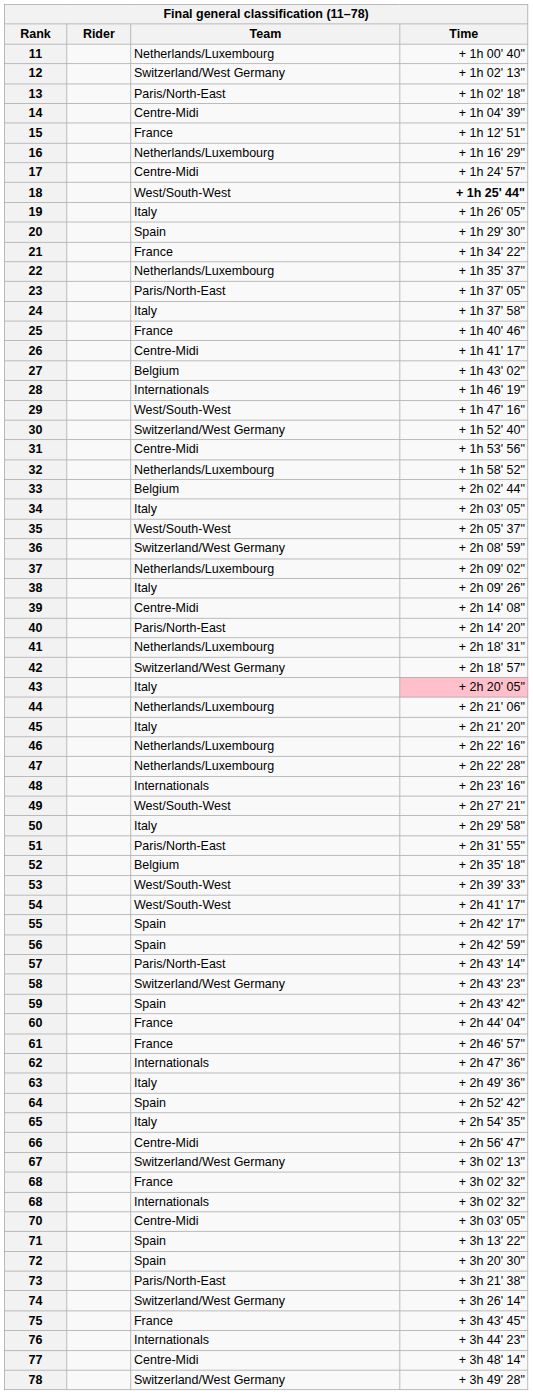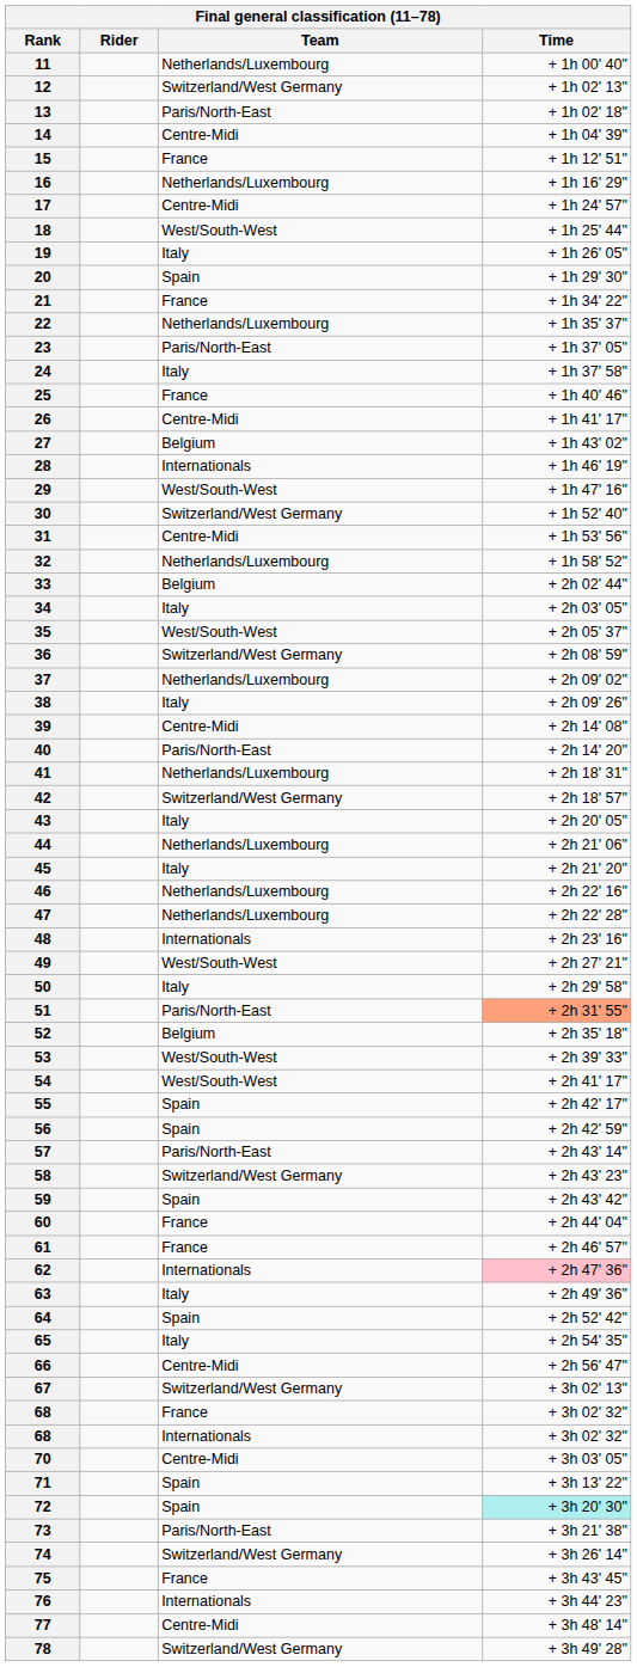 <table class="collapsible collapsed wikitable" style="width:42em;margin-top:-1px;">
 <tr>
 <th scope="col" colspan="4">Final general classification (11–78)</th>
 </tr>
 <tr>
 <th scope="col">Rank</th>
 <th scope="col">Rider</th>
 <th scope="col">Team</th>
 <th scope="col">Time</th>
 </tr>
 <tr>
 <th scope="row">11</th>
 <td></td>
 <td>Netherlands/Luxembourg</td>
 <td style="text-align:right;">+ 1h 00' 40"</td>
 </tr>
 <tr>
 <th scope="row">12</th>
 <td></td>
 <td>Switzerland/West Germany</td>
 <td style="text-align:right;">+ 1h 02' 13"</td>
 </tr>
 <tr>
 <th scope="row">13</th>
 <td></td>
 <td>Paris/North-East</td>
 <td style="text-align:right;">+ 1h 02' 18"</td>
 </tr>
 <tr>
 <th scope="row">14</th>
 <td></td>
 <td>Centre-Midi</td>
 <td style="text-align:right;">+ 1h 04' 39"</td>
 </tr>
 <tr>
 <th scope="row">15</th>
 <td></td>
 <td>France</td>
 <td style="text-align:right;">+ 1h 12' 51"</td>
 </tr>
 <tr>
 <th scope="row">16</th>
 <td></td>
 <td>Netherlands/Luxembourg</td>
 <td style="text-align:right;">+ 1h 16' 29"</td>
 </tr>
 <tr>
 <th scope="row">17</th>
 <td></td>
 <td>Centre-Midi</td>
 <td style="text-align:right;">+ 1h 24' 57"</td>
 </tr>
 <tr>
 <th scope="row">18</th>
 <td></td>
 <td>West/South-West</td>
-<td style="text-align:right;"><strong>+ 1h 25' 44"</strong></td>
+<td style="text-align:right;">+ 1h 25' 44"</td>
 </tr>
 <tr>
 <th scope="row">19</th>
 <td></td>
 <td>Italy</td>
 <td style="text-align:right;">+ 1h 26' 05"</td>
 </tr>
 <tr>
 <th scope="row">20</th>
 <td></td>
 <td>Spain</td>
 <td style="text-align:right;">+ 1h 29' 30"</td>
 </tr>
 <tr>
 <th scope="row">21</th>
 <td></td>
 <td>France</td>
 <td style="text-align:right;">+ 1h 34' 22"</td>
 </tr>
 <tr>
 <th scope="row">22</th>
 <td></td>
 <td>Netherlands/Luxembourg</td>
 <td style="text-align:right;">+ 1h 35' 37"</td>
 </tr>
 <tr>
 <th scope="row">23</th>
 <td></td>
 <td>Paris/North-East</td>
 <td style="text-align:right;">+ 1h 37' 05"</td>
 </tr>
 <tr>
 <th scope="row">24</th>
 <td></td>
 <td>Italy</td>
 <td style="text-align:right;">+ 1h 37' 58"</td>
 </tr>
 <tr>
 <th scope="row">25</th>
 <td></td>
 <td>France</td>
 <td style="text-align:right;">+ 1h 40' 46"</td>
 </tr>
 <tr>
 <th scope="row">26</th>
 <td></td>
 <td>Centre-Midi</td>
 <td style="text-align:right;">+ 1h 41' 17"</td>
 </tr>
 <tr>
 <th scope="row">27</th>
 <td></td>
 <td>Belgium</td>
 <td style="text-align:right;">+ 1h 43' 02"</td>
 </tr>
 <tr>
 <th scope="row">28</th>
 <td></td>
 <td>Internationals</td>
 <td style="text-align:right;">+ 1h 46' 19"</td>
 </tr>
 <tr>
 <th scope="row">29</th>
 <td></td>
 <td>West/South-West</td>
 <td style="text-align:right;">+ 1h 47' 16"</td>
 </tr>
 <tr>
 <th scope="row">30</th>
 <td></td>
 <td>Switzerland/West Germany</td>
 <td style="text-align:right;">+ 1h 52' 40"</td>
 </tr>
 <tr>
 <th scope="row">31</th>
 <td></td>
 <td>Centre-Midi</td>
 <td style="text-align:right;">+ 1h 53' 56"</td>
 </tr>
 <tr>
 <th scope="row">32</th>
 <td></td>
 <td>Netherlands/Luxembourg</td>
 <td style="text-align:right;">+ 1h 58' 52"</td>
 </tr>
 <tr>
 <th scope="row">33</th>
 <td></td>
 <td>Belgium</td>
 <td style="text-align:right;">+ 2h 02' 44"</td>
 </tr>
 <tr>
 <th scope="row">34</th>
 <td></td>
 <td>Italy</td>
 <td style="text-align:right;">+ 2h 03' 05"</td>
 </tr>
 <tr>
 <th scope="row">35</th>
 <td></td>
 <td>West/South-West</td>
 <td style="text-align:right;">+ 2h 05' 37"</td>
 </tr>
 <tr>
 <th scope="row">36</th>
 <td></td>
 <td>Switzerland/West Germany</td>
 <td style="text-align:right;">+ 2h 08' 59"</td>
 </tr>
 <tr>
 <th scope="row">37</th>
 <td></td>
 <td>Netherlands/Luxembourg</td>
 <td style="text-align:right;">+ 2h 09' 02"</td>
 </tr>
 <tr>
 <th scope="row">38</th>
 <td></td>
 <td>Italy</td>
 <td style="text-align:right;">+ 2h 09' 26"</td>
 </tr>
 <tr>
 <th scope="row">39</th>
 <td></td>
 <td>Centre-Midi</td>
 <td style="text-align:right;">+ 2h 14' 08"</td>
 </tr>
 <tr>
 <th scope="row">40</th>
 <td></td>
 <td>Paris/North-East</td>
 <td style="text-align:right;">+ 2h 14' 20"</td>
 </tr>
 <tr>
 <th scope="row">41</th>
 <td></td>
 <td>Netherlands/Luxembourg</td>
 <td style="text-align:right;">+ 2h 18' 31"</td>
 </tr>
 <tr>
 <th scope="row">42</th>
 <td></td>
 <td>Switzerland/West Germany</td>
 <td style="text-align:right;">+ 2h 18' 57"</td>
 </tr>
 <tr>
 <th scope="row">43</th>
 <td></td>
 <td>Italy</td>
-<td style="background: pink; text-align:right;">+ 2h 20' 05"</td>
+<td style="text-align:right;">+ 2h 20' 05"</td>
 </tr>
 <tr>
 <th scope="row">44</th>
 <td></td>
 <td>Netherlands/Luxembourg</td>
 <td style="text-align:right;">+ 2h 21' 06"</td>
 </tr>
 <tr>
 <th scope="row">45</th>
 <td></td>
 <td>Italy</td>
 <td style="text-align:right;">+ 2h 21' 20"</td>
 </tr>
 <tr>
 <th scope="row">46</th>
 <td></td>
 <td>Netherlands/Luxembourg</td>
 <td style="text-align:right;">+ 2h 22' 16"</td>
 </tr>
 <tr>
 <th scope="row">47</th>
 <td></td>
 <td>Netherlands/Luxembourg</td>
 <td style="text-align:right;">+ 2h 22' 28"</td>
 </tr>
 <tr>
 <th scope="row">48</th>
 <td></td>
 <td>Internationals</td>
 <td style="text-align:right;">+ 2h 23' 16"</td>
 </tr>
 <tr>
 <th scope="row">49</th>
 <td></td>
 <td>West/South-West</td>
 <td style="text-align:right;">+ 2h 27' 21"</td>
 </tr>
 <tr>
 <th scope="row">50</th>
 <td></td>
 <td>Italy</td>
 <td style="text-align:right;">+ 2h 29' 58"</td>
 </tr>
 <tr>
 <th scope="row">51</th>
 <td></td>
 <td>Paris/North-East</td>
-<td style="text-align:right;">+ 2h 31' 55"</td>
+<td style="background: lightsalmon; text-align:right;">+ 2h 31' 55"</td>
 </tr>
 <tr>
 <th scope="row">52</th>
 <td></td>
 <td>Belgium</td>
 <td style="text-align:right;">+ 2h 35' 18"</td>
 </tr>
 <tr>
 <th scope="row">53</th>
 <td></td>
 <td>West/South-West</td>
 <td style="text-align:right;">+ 2h 39' 33"</td>
 </tr>
 <tr>
 <th scope="row">54</th>
 <td></td>
 <td>West/South-West</td>
 <td style="text-align:right;">+ 2h 41' 17"</td>
 </tr>
 <tr>
 <th scope="row">55</th>
 <td></td>
 <td>Spain</td>
 <td style="text-align:right;">+ 2h 42' 17"</td>
 </tr>
 <tr>
 <th scope="row">56</th>
 <td></td>
 <td>Spain</td>
 <td style="text-align:right;">+ 2h 42' 59"</td>
 </tr>
 <tr>
 <th scope="row">57</th>
 <td></td>
 <td>Paris/North-East</td>
 <td style="text-align:right;">+ 2h 43' 14"</td>
 </tr>
 <tr>
 <th scope="row">58</th>
 <td></td>
 <td>Switzerland/West Germany</td>
 <td style="text-align:right;">+ 2h 43' 23"</td>
 </tr>
 <tr>
 <th scope="row">59</th>
 <td></td>
 <td>Spain</td>
 <td style="text-align:right;">+ 2h 43' 42"</td>
 </tr>
 <tr>
 <th scope="row">60</th>
 <td></td>
 <td>France</td>
 <td style="text-align:right;">+ 2h 44' 04"</td>
 </tr>
 <tr>
 <th scope="row">61</th>
 <td></td>
 <td>France</td>
 <td style="text-align:right;">+ 2h 46' 57"</td>
 </tr>
 <tr>
 <th scope="row">62</th>
 <td></td>
 <td>Internationals</td>
-<td style="text-align:right;">+ 2h 47' 36"</td>
+<td style="background: pink; text-align:right;">+ 2h 47' 36"</td>
 </tr>
 <tr>
 <th scope="row">63</th>
 <td></td>
 <td>Italy</td>
 <td style="text-align:right;">+ 2h 49' 36"</td>
 </tr>
 <tr>
 <th scope="row">64</th>
 <td></td>
 <td>Spain</td>
 <td style="text-align:right;">+ 2h 52' 42"</td>
 </tr>
 <tr>
 <th scope="row">65</th>
 <td></td>
 <td>Italy</td>
 <td style="text-align:right;">+ 2h 54' 35"</td>
 </tr>
 <tr>
 <th scope="row">66</th>
 <td></td>
 <td>Centre-Midi</td>
 <td style="text-align:right;">+ 2h 56' 47"</td>
 </tr>
 <tr>
 <th scope="row">67</th>
 <td></td>
 <td>Switzerland/West Germany</td>
 <td style="text-align:right;">+ 3h 02' 13"</td>
 </tr>
 <tr>
 <th scope="row">68</th>
 <td></td>
 <td>France</td>
 <td style="text-align:right;">+ 3h 02' 32"</td>
 </tr>
 <tr>
 <th scope="row">68</th>
 <td></td>
 <td>Internationals</td>
 <td style="text-align:right;">+ 3h 02' 32"</td>
 </tr>
 <tr>
 <th scope="row">70</th>
 <td></td>
 <td>Centre-Midi</td>
 <td style="text-align:right;">+ 3h 03' 05"</td>
 </tr>
 <tr>
 <th scope="row">71</th>
 <td></td>
 <td>Spain</td>
 <td style="text-align:right;">+ 3h 13' 22"</td>
 </tr>
 <tr>
 <th scope="row">72</th>
 <td></td>
 <td>Spain</td>
-<td style="text-align:right;">+ 3h 20' 30"</td>
+<td style="background: paleturquoise; text-align:right;">+ 3h 20' 30"</td>
 </tr>
 <tr>
 <th scope="row">73</th>
 <td></td>
 <td>Paris/North-East</td>
 <td style="text-align:right;">+ 3h 21' 38"</td>
 </tr>
 <tr>
 <th scope="row">74</th>
 <td></td>
 <td>Switzerland/West Germany</td>
 <td style="text-align:right;">+ 3h 26' 14"</td>
 </tr>
 <tr>
 <th scope="row">75</th>
 <td></td>
 <td>France</td>
 <td style="text-align:right;">+ 3h 43' 45"</td>
 </tr>
 <tr>
 <th scope="row">76</th>
 <td></td>
 <td>Internationals</td>
 <td style="text-align:right;">+ 3h 44' 23"</td>
 </tr>
 <tr>
 <th scope="row">77</th>
 <td></td>
 <td>Centre-Midi</td>
 <td style="text-align:right;">+ 3h 48' 14"</td>
 </tr>
 <tr>
 <th scope="row">78</th>
 <td></td>
 <td>Switzerland/West Germany</td>
 <td style="text-align:right;">+ 3h 49' 28"</td>
 </tr>
 </table>
